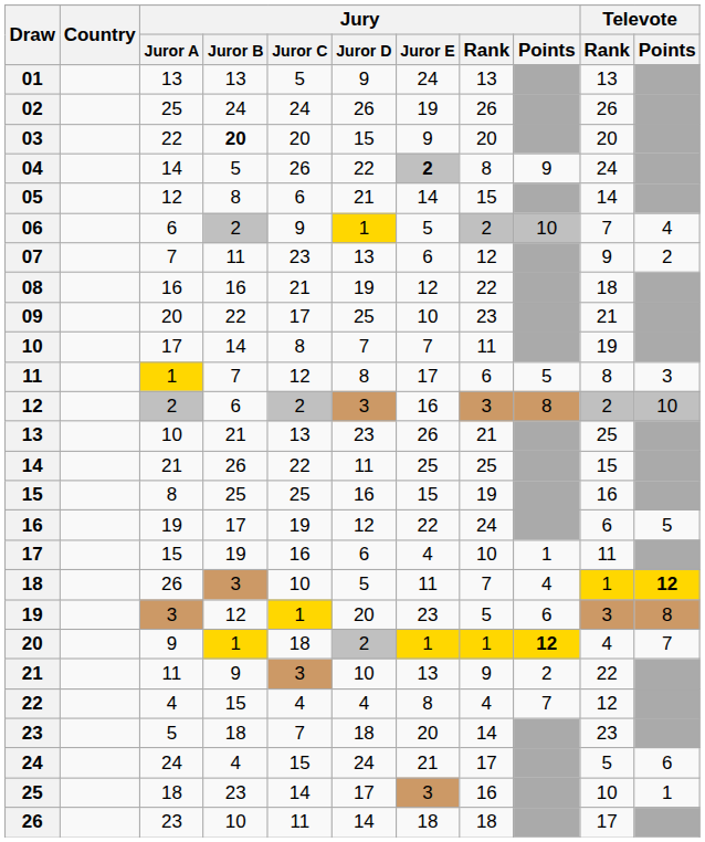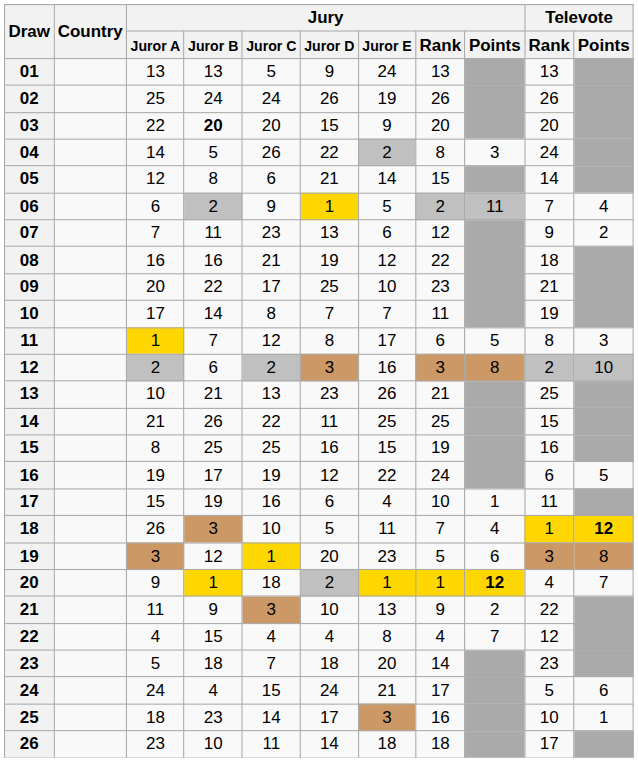 <table class="sortable wikitable collapsible plainrowheaders" style="text-align:center;">
 <tr>
 </tr>
 <tr>
 <th scope="col" rowspan="2">Draw</th>
 <th scope="col" rowspan="2">Country</th>
 <th scope="col" colspan="7">Jury</th>
 <th scope="col" colspan="2">Televote</th>
 </tr>
 <tr>
 <th scope="col"><small>Juror A</small></th>
 <th scope="col"><small>Juror B</small></th>
 <th scope="col"><small>Juror C</small></th>
 <th scope="col"><small>Juror D</small></th>
 <th scope="col"><small>Juror E</small></th>
 <th scope="col">Rank</th>
 <th scope="col">Points</th>
 <th scope="col">Rank</th>
 <th scope="col">Points</th>
 </tr>
 <tr>
 <th scope="row" style="text-align:center;">01</th>
 <td style="text-align:left;"></td>
 <td>13</td>
 <td>13</td>
 <td>5</td>
 <td>9</td>
 <td>24</td>
 <td>13</td>
 <td style="background:#AAAAAA;"></td>
 <td>13</td>
 <td style="background:#AAAAAA;"></td>
 </tr>
 <tr>
 <th scope="row" style="text-align:center;">02</th>
 <td style="text-align:left;"></td>
 <td>25</td>
 <td>24</td>
 <td>24</td>
 <td>26</td>
 <td>19</td>
 <td>26</td>
 <td style="background:#AAAAAA;"></td>
 <td>26</td>
 <td style="background:#AAAAAA;"></td>
 </tr>
 <tr>
 <th scope="row" style="text-align:center;">03</th>
 <td style="text-align:left;"></td>
 <td>22</td>
 <td><strong>20</strong></td>
 <td>20</td>
 <td>15</td>
 <td>9</td>
 <td>20</td>
 <td style="background:#AAAAAA;"></td>
 <td>20</td>
 <td style="background:#AAAAAA;"></td>
 </tr>
 <tr>
 <th scope="row" style="text-align:center;">04</th>
 <td style="text-align:left;"></td>
 <td>14</td>
 <td>5</td>
 <td>26</td>
 <td>22</td>
-<td style="background:silver;"><strong>2</strong></td>
+<td style="background:silver;">2</td>
 <td>8</td>
-<td>9</td>
+<td>3</td>
 <td>24</td>
 <td style="background:#AAAAAA;"></td>
 </tr>
 <tr>
 <th scope="row" style="text-align:center;">05</th>
 <td style="text-align:left;"></td>
 <td>12</td>
 <td>8</td>
 <td>6</td>
 <td>21</td>
 <td>14</td>
 <td>15</td>
 <td style="background:#AAAAAA;"></td>
 <td>14</td>
 <td style="background:#AAAAAA;"></td>
 </tr>
 <tr>
 <th scope="row" style="text-align:center;">06</th>
 <td style="text-align:left;"></td>
 <td>6</td>
 <td style="background:silver;">2</td>
 <td>9</td>
 <td style="background:gold;">1</td>
 <td>5</td>
 <td style="background:silver;">2</td>
-<td style="background:silver;">10</td>
+<td style="background:silver;">11</td>
 <td>7</td>
 <td>4</td>
 </tr>
 <tr>
 <th scope="row" style="text-align:center;">07</th>
 <td style="text-align:left;"></td>
 <td>7</td>
 <td>11</td>
 <td>23</td>
 <td>13</td>
 <td>6</td>
 <td>12</td>
 <td style="background:#AAAAAA;"></td>
 <td>9</td>
 <td>2</td>
 </tr>
 <tr>
 <th scope="row" style="text-align:center;">08</th>
 <td style="text-align:left;"></td>
 <td>16</td>
 <td>16</td>
 <td>21</td>
 <td>19</td>
 <td>12</td>
 <td>22</td>
 <td style="background:#AAAAAA;"></td>
 <td>18</td>
 <td style="background:#AAAAAA;"></td>
 </tr>
 <tr>
 <th scope="row" style="text-align:center;">09</th>
 <td style="text-align:left;"></td>
 <td>20</td>
 <td>22</td>
 <td>17</td>
 <td>25</td>
 <td>10</td>
 <td>23</td>
 <td style="background:#AAAAAA;"></td>
 <td>21</td>
 <td style="background:#AAAAAA;"></td>
 </tr>
 <tr>
 <th scope="row" style="text-align:center;">10</th>
 <td style="text-align:left;"></td>
 <td>17</td>
 <td>14</td>
 <td>8</td>
 <td>7</td>
 <td>7</td>
 <td>11</td>
 <td style="background:#AAAAAA;"></td>
 <td>19</td>
 <td style="background:#AAAAAA;"></td>
 </tr>
 <tr>
 <th scope="row" style="text-align:center;">11</th>
 <td style="text-align:left;"></td>
 <td style="background:gold;">1</td>
 <td>7</td>
 <td>12</td>
 <td>8</td>
 <td>17</td>
 <td>6</td>
 <td>5</td>
 <td>8</td>
 <td>3</td>
 </tr>
 <tr>
 <th scope="row" style="text-align:center;">12</th>
 <td style="text-align:left;"></td>
 <td style="background:silver;">2</td>
 <td>6</td>
 <td style="background:silver;">2</td>
 <td style="background:#CC9966;">3</td>
 <td>16</td>
 <td style="background:#CC9966;">3</td>
 <td style="background:#CC9966;">8</td>
 <td style="background:silver;">2</td>
 <td style="background:silver;">10</td>
 </tr>
 <tr>
 <th scope="row" style="text-align:center;">13</th>
 <td style="text-align:left;"></td>
 <td>10</td>
 <td>21</td>
 <td>13</td>
 <td>23</td>
 <td>26</td>
 <td>21</td>
 <td style="background:#AAAAAA;"></td>
 <td>25</td>
 <td style="background:#AAAAAA;"></td>
 </tr>
 <tr>
 <th scope="row" style="text-align:center;">14</th>
 <td style="text-align:left;"></td>
 <td>21</td>
 <td>26</td>
 <td>22</td>
 <td>11</td>
 <td>25</td>
 <td>25</td>
 <td style="background:#AAAAAA;"></td>
 <td>15</td>
 <td style="background:#AAAAAA;"></td>
 </tr>
 <tr>
 <th scope="row" style="text-align:center;">15</th>
 <td style="text-align:left;"></td>
 <td>8</td>
 <td>25</td>
 <td>25</td>
 <td>16</td>
 <td>15</td>
 <td>19</td>
 <td style="background:#AAAAAA;"></td>
 <td>16</td>
 <td style="background:#AAAAAA;"></td>
 </tr>
 <tr>
 <th scope="row" style="text-align:center;">16</th>
 <td style="text-align:left;"></td>
 <td>19</td>
 <td>17</td>
 <td>19</td>
 <td>12</td>
 <td>22</td>
 <td>24</td>
 <td style="background:#AAAAAA;"></td>
 <td>6</td>
 <td>5</td>
 </tr>
 <tr>
 <th scope="row" style="text-align:center;">17</th>
 <td style="text-align:left;"></td>
 <td>15</td>
 <td>19</td>
 <td>16</td>
 <td>6</td>
 <td>4</td>
 <td>10</td>
 <td>1</td>
 <td>11</td>
 <td style="background:#AAAAAA;"></td>
 </tr>
 <tr>
 <th scope="row" style="text-align:center;">18</th>
 <td style="text-align:left;"></td>
 <td>26</td>
 <td style="background:#CC9966;">3</td>
 <td>10</td>
 <td>5</td>
 <td>11</td>
 <td>7</td>
 <td>4</td>
 <td style="background:gold;">1</td>
 <td style="background:gold;"><strong>12</strong></td>
 </tr>
 <tr>
 <th scope="row" style="text-align:center;">19</th>
 <td style="text-align:left;"></td>
 <td style="background:#CC9966;">3</td>
 <td>12</td>
 <td style="background:gold;">1</td>
 <td>20</td>
 <td>23</td>
 <td>5</td>
 <td>6</td>
 <td style="background:#CC9966;">3</td>
 <td style="background:#CC9966;">8</td>
 </tr>
 <tr>
 <th scope="row" style="text-align:center;">20</th>
 <td style="text-align:left;"></td>
 <td>9</td>
 <td style="background:gold;">1</td>
 <td>18</td>
 <td style="background:silver;">2</td>
 <td style="background:gold;">1</td>
 <td style="background:gold;">1</td>
 <td style="background:gold;"><strong>12</strong></td>
 <td>4</td>
 <td>7</td>
 </tr>
 <tr>
 <th scope="row" style="text-align:center;">21</th>
 <td style="text-align:left;"></td>
 <td>11</td>
 <td>9</td>
 <td style="background:#CC9966;">3</td>
 <td>10</td>
 <td>13</td>
 <td>9</td>
 <td>2</td>
 <td>22</td>
 <td style="background:#AAAAAA;"></td>
 </tr>
 <tr>
 <th scope="row" style="text-align:center;">22</th>
 <td style="text-align:left;"></td>
 <td>4</td>
 <td>15</td>
 <td>4</td>
 <td>4</td>
 <td>8</td>
 <td>4</td>
 <td>7</td>
 <td>12</td>
 <td style="background:#AAAAAA;"></td>
 </tr>
 <tr>
 <th scope="row" style="text-align:center;">23</th>
 <td style="text-align:left;"></td>
 <td>5</td>
 <td>18</td>
 <td>7</td>
 <td>18</td>
 <td>20</td>
 <td>14</td>
 <td style="background:#AAAAAA;"></td>
 <td>23</td>
 <td style="background:#AAAAAA;"></td>
 </tr>
 <tr>
 <th scope="row" style="text-align:center;">24</th>
 <td style="text-align:left;"></td>
 <td>24</td>
 <td>4</td>
 <td>15</td>
 <td>24</td>
 <td>21</td>
 <td>17</td>
 <td style="background:#AAAAAA;"></td>
 <td>5</td>
 <td>6</td>
 </tr>
 <tr>
 <th scope="row" style="text-align:center;">25</th>
 <td style="text-align:left;"></td>
 <td>18</td>
 <td>23</td>
 <td>14</td>
 <td>17</td>
 <td style="background:#CC9966;">3</td>
 <td>16</td>
 <td style="background:#AAAAAA;"></td>
 <td>10</td>
 <td>1</td>
 </tr>
 <tr>
 <th scope="row" style="text-align:center;">26</th>
 <td style="text-align:left;"></td>
 <td>23</td>
 <td>10</td>
 <td>11</td>
 <td>14</td>
 <td>18</td>
 <td>18</td>
 <td style="background:#AAAAAA;"></td>
 <td>17</td>
 <td style="background:#AAAAAA;"></td>
 </tr>
 </table>
